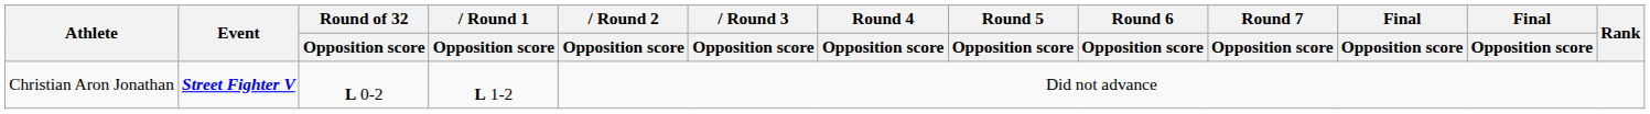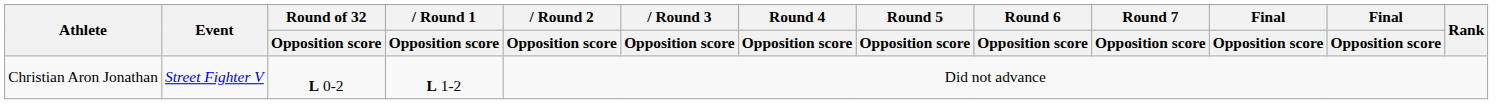 <table class=wikitable style=font-size:90%;text-align:center>
 <tr>
 <th rowspan=2>Athlete</th>
 <th rowspan=2>Event</th>
 <th>Round of 32</th>
 <th>/ Round 1</th>
 <th>/ Round 2</th>
 <th>/ Round 3</th>
 <th> Round 4</th>
 <th> Round 5</th>
 <th> Round 6</th>
 <th> Round 7</th>
 <th> Final</th>
 <th>Final</th>
 <th rowspan=2>Rank</th>
 </tr>
 <tr>
 <th>Opposition score</th>
 <th>Opposition score</th>
 <th>Opposition score</th>
 <th>Opposition score</th>
 <th>Opposition score</th>
 <th>Opposition score</th>
 <th>Opposition score</th>
 <th>Opposition score</th>
 <th>Opposition score</th>
 <th>Opposition score</th>
 </tr>
 <tr>
 <td align=left>Christian Aron Jonathan</td>
-<td><strong><em><a href='#'>Street Fighter V</a></em></strong></td>
+<td><em><a href='#'>Street Fighter V</a></em></td>
 <td><br><strong>L</strong> 0-2</td>
 <td><br><strong>L</strong> 1-2</td>
 <td colspan="9">Did not advance</td>
 </tr>
 </table>
